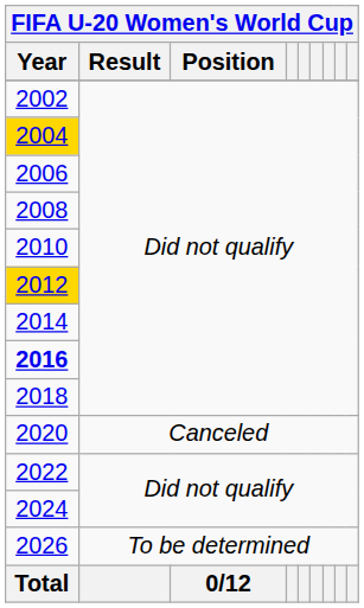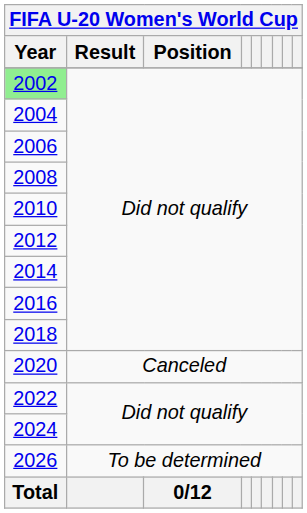 <table class="wikitable" style="text-align: center;">
 <tr>
 <th colspan=9><a href='#'>FIFA U-20 Women's World Cup</a></th>
 </tr>
 <tr>
 <th>Year</th>
 <th>Result</th>
 <th>Position</th>
 <th></th>
 <th></th>
 <th></th>
 <th></th>
 <th></th>
 <th></th>
 </tr>
 <tr>
 </tr>
 <tr>
-<td> <a href='#'>2002</a></td>
+<td style="background: lightgreen;"> <a href='#'>2002</a></td>
 <td rowspan= 9 colspan=8><em>Did not qualify</em></td>
 </tr>
 <tr>
-<td style="background: gold;"> <a href='#'>2004</a></td>
+<td> <a href='#'>2004</a></td>
 </tr>
 <tr>
 <td> <a href='#'>2006</a></td>
 </tr>
 <tr>
 <td> <a href='#'>2008</a></td>
 </tr>
 <tr>
 <td> <a href='#'>2010</a></td>
 </tr>
 <tr>
-<td style="background: gold;"> <a href='#'>2012</a></td>
+<td> <a href='#'>2012</a></td>
 </tr>
 <tr>
 <td> <a href='#'>2014</a></td>
 </tr>
 <tr>
-<td><strong> <a href='#'>2016</a></strong></td>
+<td> <a href='#'>2016</a></td>
 </tr>
 <tr>
 <td> <a href='#'>2018</a></td>
 </tr>
 <tr>
 <td> <a href='#'>2020</a></td>
 <td colspan=8><em>Canceled </em></td>
 </tr>
 <tr>
 <td> <a href='#'>2022</a></td>
 <td rowspan=2 colspan=8><em>Did not qualify</em></td>
 </tr>
 <tr>
 <td> <a href='#'>2024</a></td>
 </tr>
 <tr>
 <td> <a href='#'>2026</a></td>
 <td colspan=8><em>To be determined</em></td>
 </tr>
 <tr>
 <th><strong>Total</strong></th>
 <th></th>
 <th>0/12</th>
 <th></th>
 <th></th>
 <th></th>
 <th></th>
 <th></th>
 <th></th>
 </tr>
 </table>
